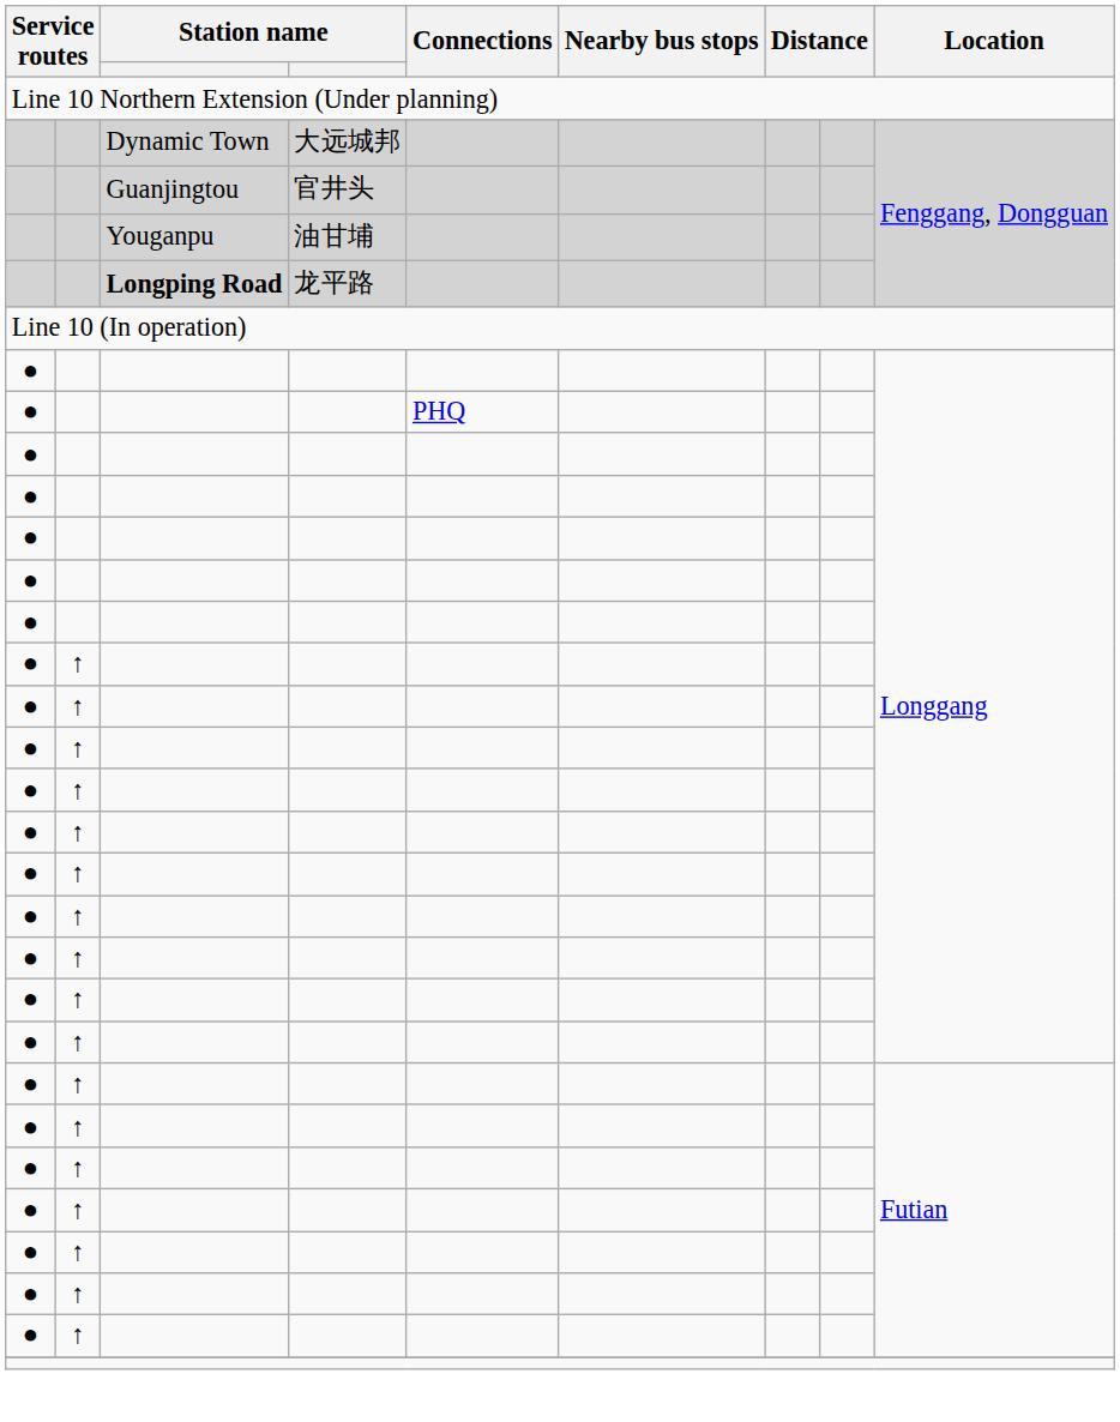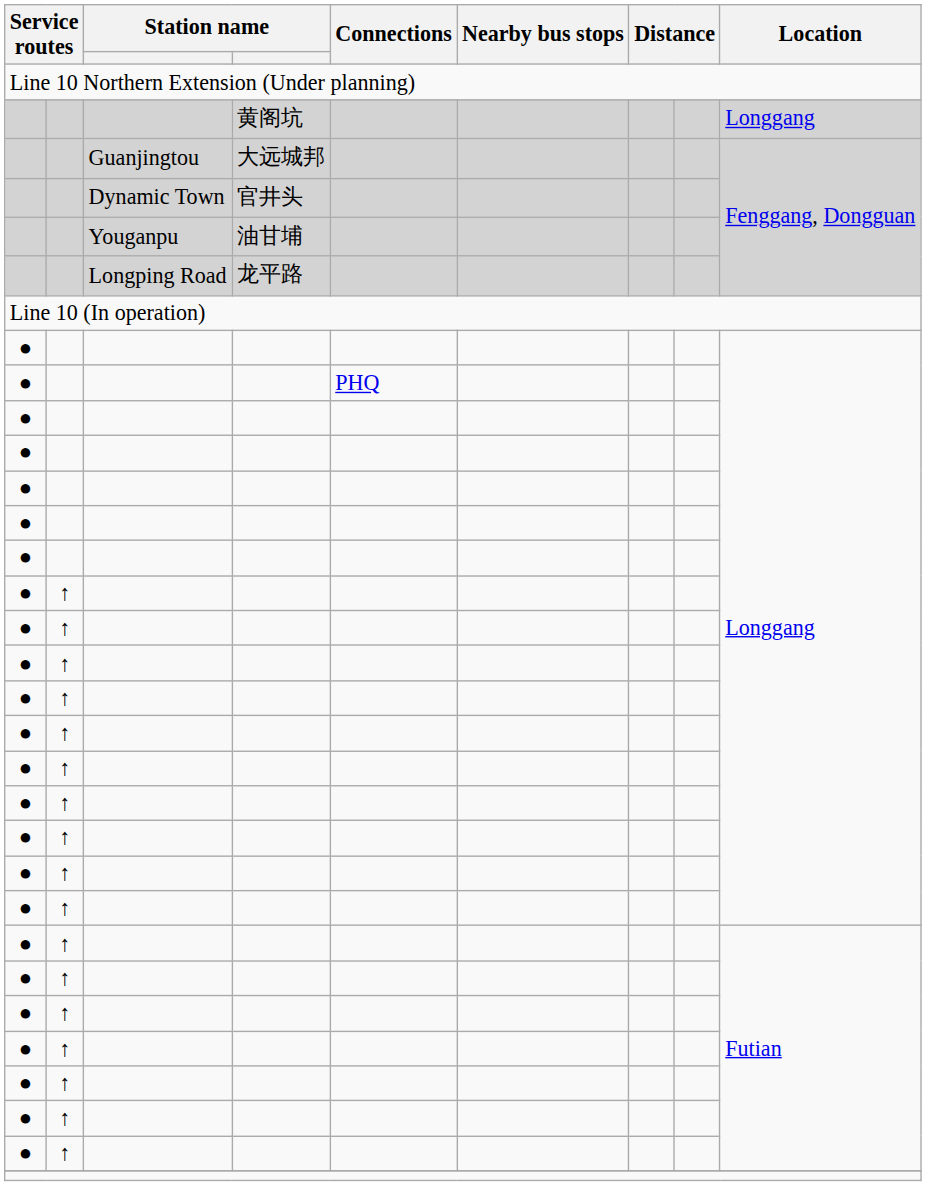 <table class="wikitable">
 <tr>
 <th rowspan="2" colspan="2">Service<br>routes</th>
 <th colspan="2">Station name</th>
 <th rowspan="2">Connections</th>
 <th rowspan="2">Nearby bus stops</th>
 <th colspan="2" rowspan="2">Distance<br></th>
 <th rowspan="2">Location</th>
 </tr>
 <tr>
 <th></th>
 <th></th>
 </tr>
 <tr style="background:#">
 <td colspan="9">Line 10 Northern Extension (Under planning)</td>
 </tr>
 <tr bgcolor="lightgrey">
 <td></td>
 <td></td>
-<td>Dynamic Town</td>
+<td></td>
+<td>黄阁坑</td>
+<td></td>
+<td></td>
+<td></td>
+<td></td>
+<td><a href='#'>Longgang</a></td>
+</tr>
+<tr bgcolor="lightgrey">
+<td></td>
+<td></td>
+<td>Guanjingtou</td>
 <td>大远城邦</td>
 <td></td>
 <td></td>
 <td></td>
 <td></td>
 <td rowspan="4"><a href='#'>Fenggang</a>, <a href='#'>Dongguan</a></td>
 </tr>
 <tr bgcolor="lightgrey">
 <td></td>
 <td></td>
-<td>Guanjingtou</td>
+<td>Dynamic Town</td>
 <td>官井头</td>
 <td></td>
 <td></td>
 <td></td>
 <td></td>
 </tr>
 <tr bgcolor="lightgrey">
 <td></td>
 <td></td>
 <td>Youganpu</td>
 <td>油甘埔</td>
 <td></td>
 <td></td>
 <td></td>
 <td></td>
 </tr>
 <tr bgcolor="lightgrey">
 <td></td>
 <td></td>
-<td><strong>Longping Road</strong></td>
+<td>Longping Road</td>
 <td>龙平路</td>
 <td></td>
 <td></td>
 <td></td>
 <td></td>
 </tr>
 <tr style="background:#">
 <td colspan="9">Line 10 (In operation)</td>
 </tr>
 <tr>
 <td align="center">●</td>
 <td align="center"></td>
 <td></td>
 <td></td>
 <td></td>
 <td></td>
 <td></td>
 <td></td>
 <td rowspan=17><a href='#'>Longgang</a></td>
 </tr>
 <tr>
 <td align="center">●</td>
 <td align="center"></td>
 <td></td>
 <td></td>
 <td> <a href='#'>PHQ</a></td>
 <td></td>
 <td></td>
 <td></td>
 </tr>
 <tr>
 <td align="center">●</td>
 <td align="center"></td>
 <td></td>
 <td></td>
 <td></td>
 <td></td>
 <td></td>
 <td></td>
 </tr>
 <tr>
 <td align="center">●</td>
 <td align="center"></td>
 <td></td>
 <td></td>
 <td></td>
 <td></td>
 <td></td>
 <td></td>
 </tr>
 <tr>
 <td align="center">●</td>
 <td align="center"></td>
 <td></td>
 <td></td>
 <td></td>
 <td></td>
 <td></td>
 <td></td>
 </tr>
 <tr>
 <td align="center">●</td>
 <td align="center"></td>
 <td></td>
 <td></td>
 <td></td>
 <td></td>
 <td></td>
 <td></td>
 </tr>
 <tr>
 <td align="center">●</td>
 <td align="center"></td>
 <td></td>
 <td></td>
 <td></td>
 <td></td>
 <td></td>
 <td></td>
 </tr>
 <tr>
 <td align="center">●</td>
 <td align="center">↑</td>
 <td></td>
 <td></td>
 <td></td>
 <td></td>
 <td></td>
 <td></td>
 </tr>
 <tr>
 <td align="center">●</td>
 <td align="center">↑</td>
 <td></td>
 <td></td>
 <td></td>
 <td></td>
 <td></td>
 <td></td>
 </tr>
 <tr>
 <td align="center">●</td>
 <td align="center">↑</td>
 <td></td>
 <td></td>
 <td></td>
 <td></td>
 <td></td>
 <td></td>
 </tr>
 <tr>
 <td align="center">●</td>
 <td align="center">↑</td>
 <td></td>
 <td></td>
 <td></td>
 <td></td>
 <td></td>
 <td></td>
 </tr>
 <tr>
 <td align="center">●</td>
 <td align="center">↑</td>
 <td></td>
 <td></td>
 <td></td>
 <td></td>
 <td></td>
 <td></td>
 </tr>
 <tr>
 <td align="center">●</td>
 <td align="center">↑</td>
 <td></td>
 <td></td>
 <td></td>
 <td></td>
 <td></td>
 <td></td>
 </tr>
 <tr>
 <td align="center">●</td>
 <td align="center">↑</td>
 <td></td>
 <td></td>
 <td></td>
 <td></td>
 <td></td>
 <td></td>
 </tr>
 <tr>
 <td align="center">●</td>
 <td align="center">↑</td>
 <td></td>
 <td></td>
 <td></td>
 <td></td>
 <td></td>
 <td></td>
 </tr>
 <tr>
 <td align="center">●</td>
 <td align="center">↑</td>
 <td></td>
 <td></td>
 <td></td>
 <td></td>
 <td></td>
 <td></td>
 </tr>
 <tr>
 <td align="center">●</td>
 <td align="center">↑</td>
 <td></td>
 <td></td>
 <td></td>
 <td></td>
 <td></td>
 <td></td>
 </tr>
 <tr>
 <td align="center">●</td>
 <td align="center">↑</td>
 <td></td>
 <td></td>
 <td></td>
 <td></td>
 <td></td>
 <td></td>
 <td rowspan=7><a href='#'>Futian</a></td>
 </tr>
 <tr>
 <td align="center">●</td>
 <td align="center">↑</td>
 <td></td>
 <td></td>
 <td></td>
 <td></td>
 <td></td>
 <td></td>
 </tr>
 <tr>
 <td align="center">●</td>
 <td align="center">↑</td>
 <td></td>
 <td></td>
 <td></td>
 <td></td>
 <td></td>
 <td></td>
 </tr>
 <tr>
 <td align="center">●</td>
 <td align="center">↑</td>
 <td></td>
 <td></td>
 <td>   </td>
 <td></td>
 <td></td>
 <td></td>
 </tr>
 <tr>
 <td align="center">●</td>
 <td align="center">↑</td>
 <td></td>
 <td></td>
 <td></td>
 <td></td>
 <td></td>
 <td></td>
 </tr>
 <tr>
 <td align="center">●</td>
 <td align="center">↑</td>
 <td></td>
 <td></td>
 <td> </td>
 <td></td>
 <td></td>
 <td></td>
 </tr>
 <tr>
 <td align="center">●</td>
 <td align="center">↑</td>
 <td></td>
 <td></td>
 <td><br> </td>
 <td></td>
 <td></td>
 <td></td>
 </tr>
 <tr>
 </tr>
 <tr style="background:#">
 <td colspan="9"></td>
 </tr>
 </table>
